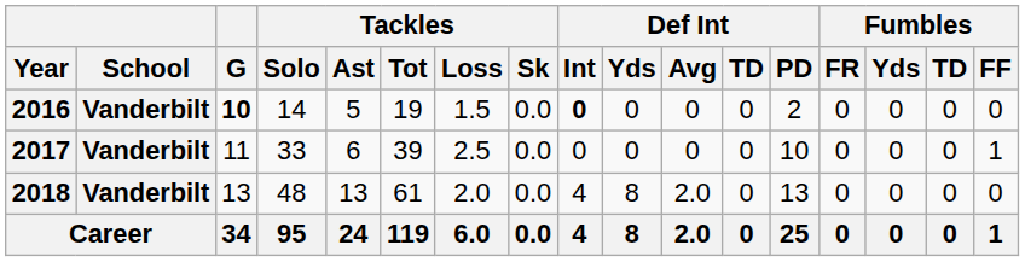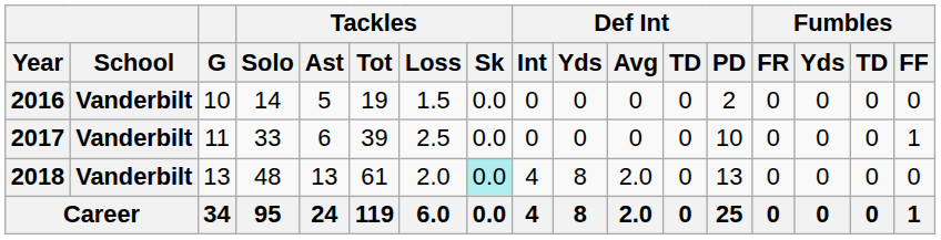 <table class="wikitable sortable" style="text-align:center;">
 <tr>
 <th colspan="2"></th>
 <th></th>
 <th colspan="5">Tackles</th>
 <th colspan="5">Def Int</th>
 <th colspan="4">Fumbles</th>
 </tr>
 <tr>
 <th>Year</th>
 <th>School</th>
 <th>G</th>
 <th>Solo</th>
 <th>Ast</th>
 <th>Tot</th>
 <th>Loss</th>
 <th>Sk</th>
 <th>Int</th>
 <th>Yds</th>
 <th>Avg</th>
 <th>TD</th>
 <th>PD</th>
 <th>FR</th>
 <th>Yds</th>
 <th>TD</th>
 <th>FF</th>
 </tr>
 <tr>
 <th>2016</th>
 <th>Vanderbilt</th>
-<td><strong>10</strong></td>
+<td>10</td>
 <td>14</td>
 <td>5</td>
 <td>19</td>
 <td>1.5</td>
 <td>0.0</td>
-<td><strong>0</strong></td>
+<td>0</td>
 <td>0</td>
 <td>0</td>
 <td>0</td>
 <td>2</td>
 <td>0</td>
 <td>0</td>
 <td>0</td>
 <td>0</td>
 </tr>
 <tr>
 <th>2017</th>
 <th>Vanderbilt</th>
 <td>11</td>
 <td>33</td>
 <td>6</td>
 <td>39</td>
 <td>2.5</td>
 <td>0.0</td>
 <td>0</td>
 <td>0</td>
 <td>0</td>
 <td>0</td>
 <td>10</td>
 <td>0</td>
 <td>0</td>
 <td>0</td>
 <td>1</td>
 </tr>
 <tr>
 <th>2018</th>
 <th>Vanderbilt</th>
 <td>13</td>
 <td>48</td>
 <td>13</td>
 <td>61</td>
 <td>2.0</td>
-<td>0.0</td>
+<td style="background: paleturquoise;">0.0</td>
 <td>4</td>
 <td>8</td>
 <td>2.0</td>
 <td>0</td>
 <td>13</td>
 <td>0</td>
 <td>0</td>
 <td>0</td>
 <td>0</td>
 </tr>
 <tr>
 <th colspan="2">Career</th>
 <th>34</th>
 <th>95</th>
 <th>24</th>
 <th>119</th>
 <th>6.0</th>
 <th>0.0</th>
 <th>4</th>
 <th>8</th>
 <th>2.0</th>
 <th>0</th>
 <th>25</th>
 <th>0</th>
 <th>0</th>
 <th>0</th>
 <th>1</th>
 </tr>
 </table>
